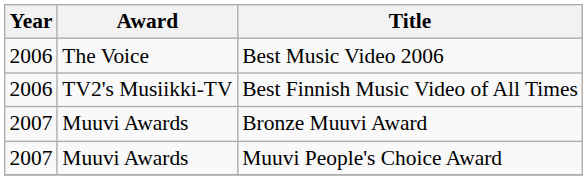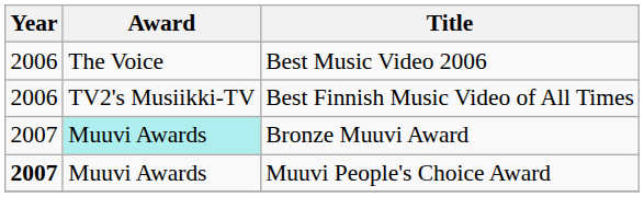 <table class="wikitable">
 <tr>
 <th>Year</th>
 <th>Award</th>
 <th>Title</th>
 </tr>
 <tr>
 <td>2006</td>
 <td>The Voice</td>
 <td>Best Music Video 2006</td>
 </tr>
 <tr>
 <td>2006</td>
 <td>TV2's Musiikki-TV</td>
 <td>Best Finnish Music Video of All Times</td>
 </tr>
 <tr>
 <td>2007</td>
-<td>Muuvi Awards</td>
+<td style="background: paleturquoise;">Muuvi Awards</td>
 <td>Bronze Muuvi Award</td>
 </tr>
 <tr>
-<td>2007</td>
+<td><strong>2007</strong></td>
 <td>Muuvi Awards</td>
 <td>Muuvi People's Choice Award</td>
 </tr>
 <tr>
 </tr>
 </table>
